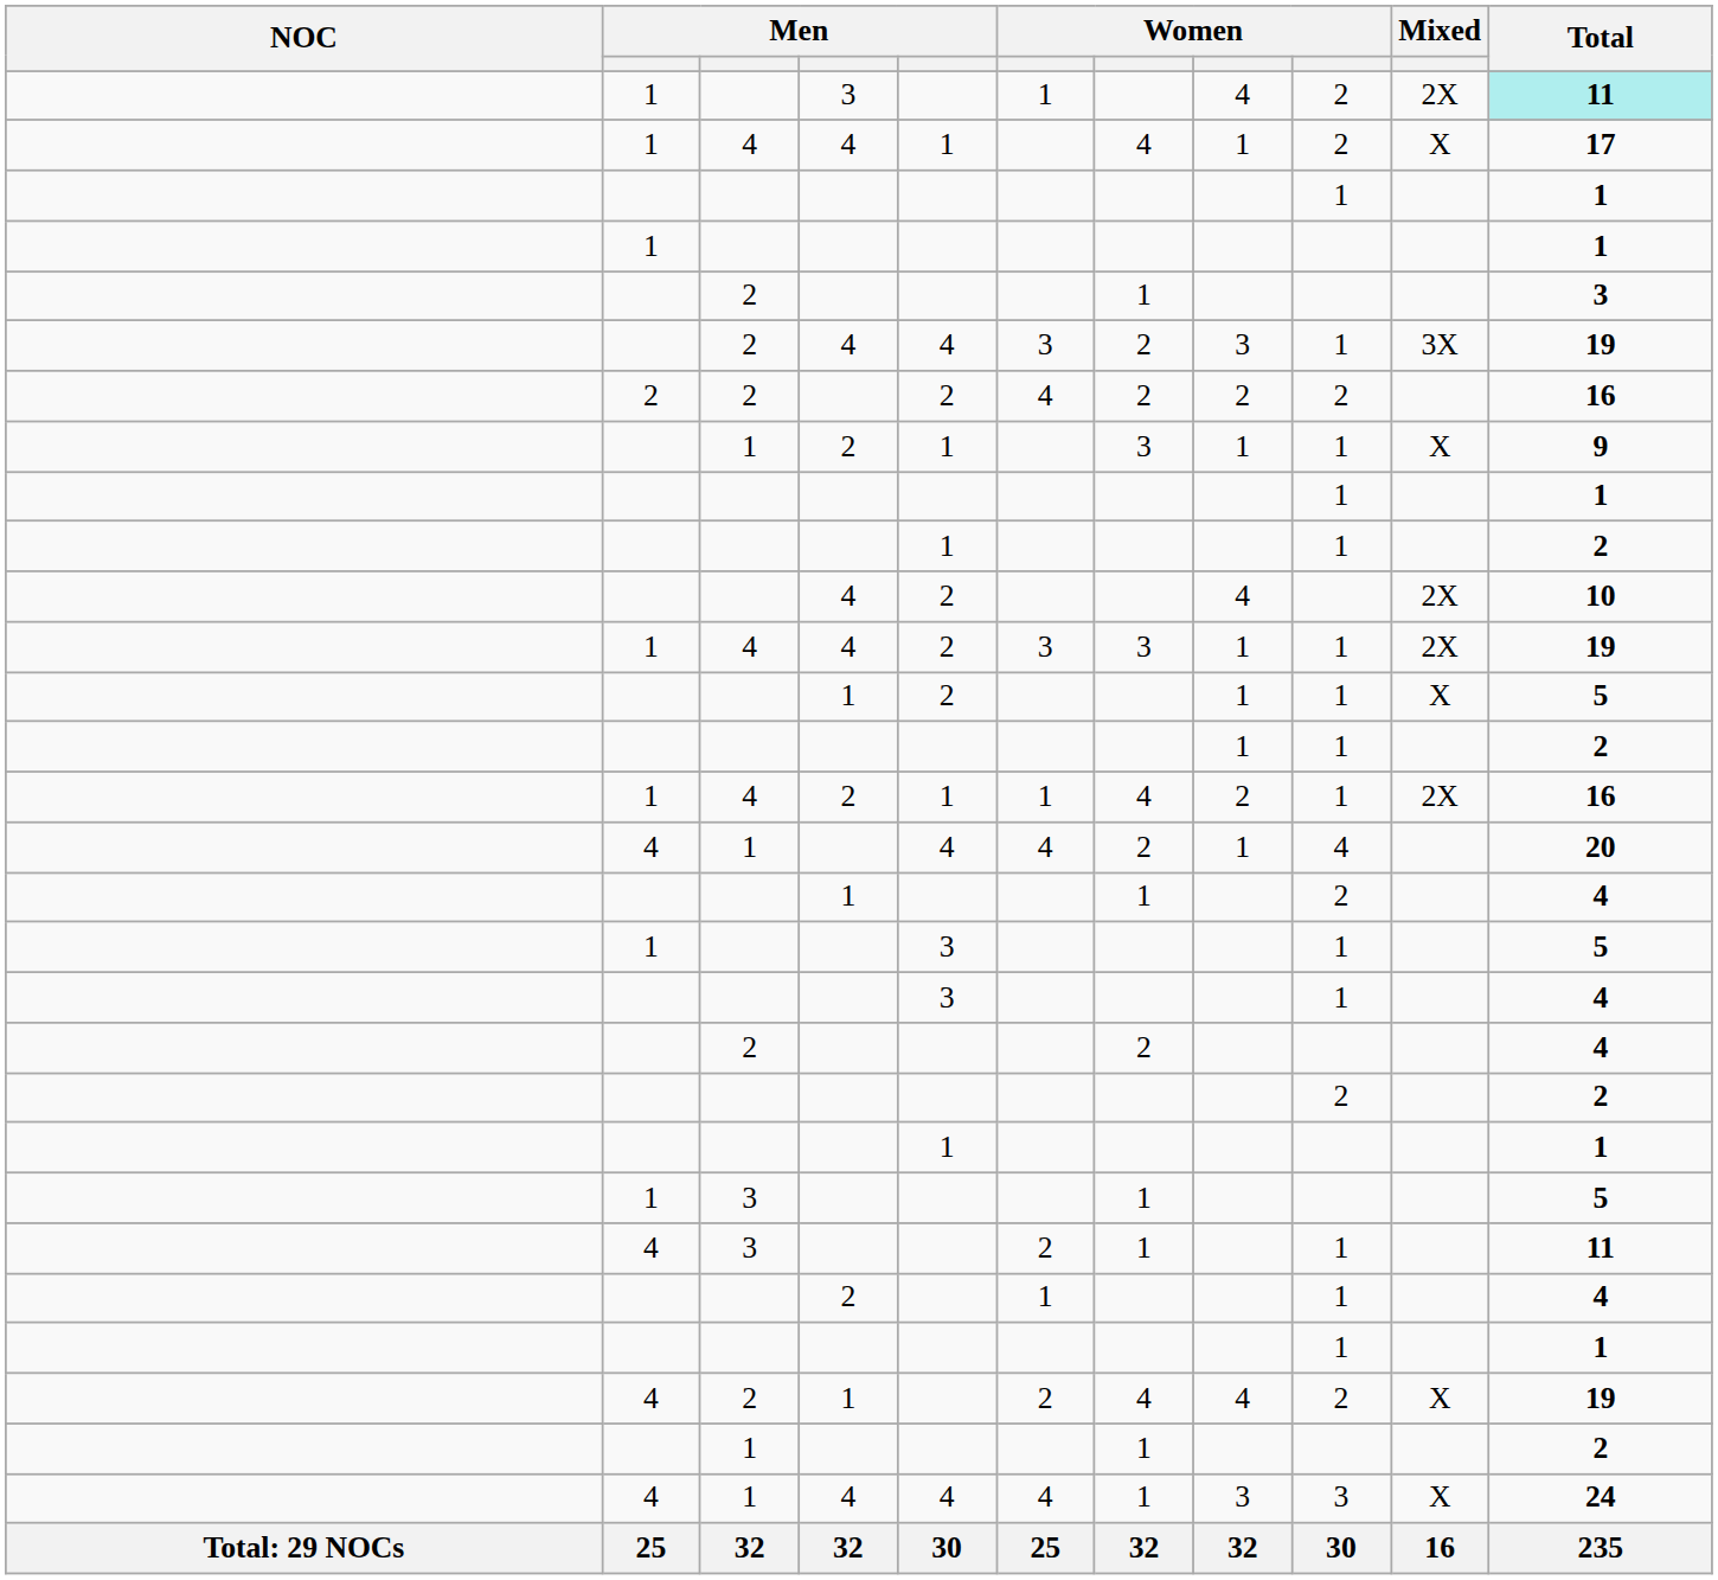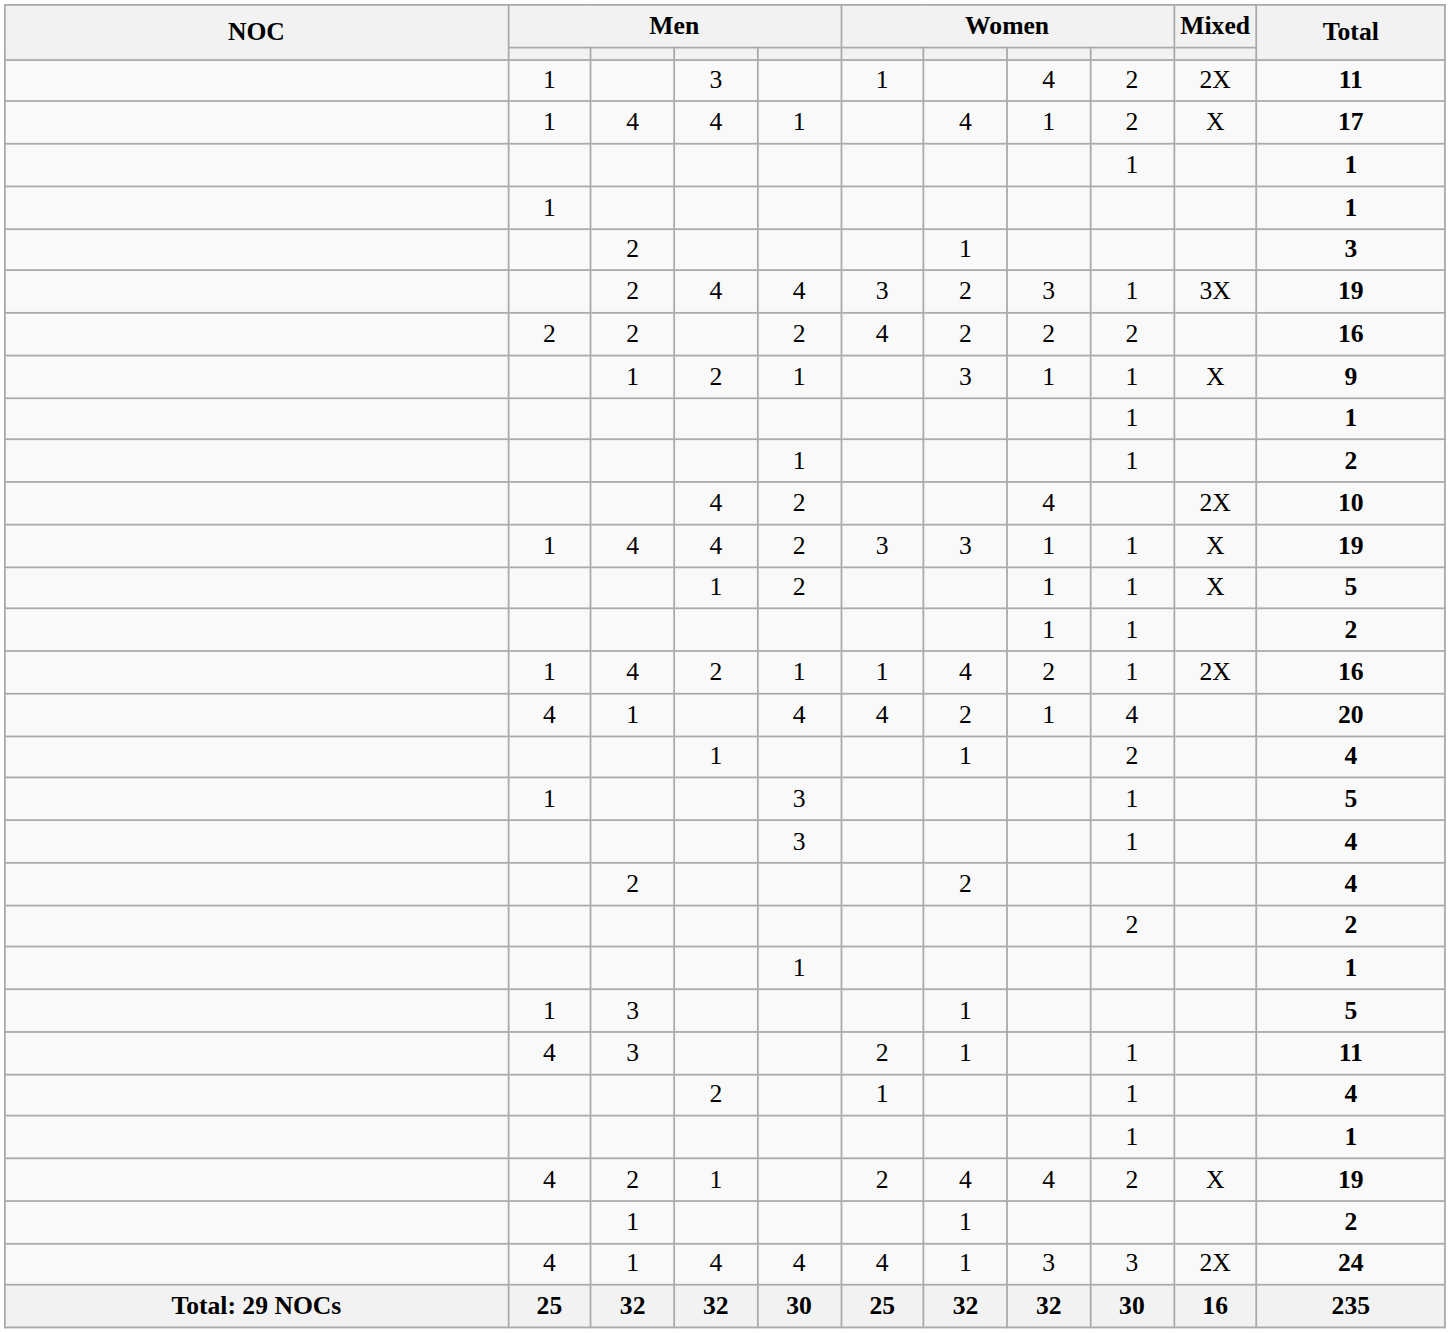 <table class="wikitable sortable" width=810 style="text-align:center; font-size:90%">
 <tr>
 <th rowspan="2" align="center">NOC</th>
 <th colspan="4">Men</th>
 <th colspan="4">Women</th>
 <th>Mixed</th>
 <th rowspan="2">Total</th>
 </tr>
 <tr>
 <th width=40></th>
 <th width=40></th>
 <th width=40></th>
 <th width=40></th>
 <th width=40></th>
 <th width=40></th>
 <th width=40></th>
 <th width=40></th>
 <th width=40></th>
 </tr>
 <tr>
 <td align="left"></td>
 <td>1</td>
 <td></td>
 <td>3</td>
 <td></td>
 <td>1</td>
 <td></td>
 <td>4</td>
 <td>2</td>
 <td>2X</td>
-<td style="background: paleturquoise;"><strong>11</strong></td>
+<td><strong>11</strong></td>
 </tr>
 <tr>
 <td align="left"></td>
 <td>1</td>
 <td>4</td>
 <td>4</td>
 <td>1</td>
 <td></td>
 <td>4</td>
 <td>1</td>
 <td>2</td>
 <td>X</td>
 <td><strong>17</strong></td>
 </tr>
 <tr>
 <td align="left"></td>
 <td></td>
 <td></td>
 <td></td>
 <td></td>
 <td></td>
 <td></td>
 <td></td>
 <td>1</td>
 <td></td>
 <td><strong>1</strong></td>
 </tr>
 <tr>
 <td align="left"></td>
 <td>1</td>
 <td></td>
 <td></td>
 <td></td>
 <td></td>
 <td></td>
 <td></td>
 <td></td>
 <td></td>
 <td><strong>1</strong></td>
 </tr>
 <tr>
 <td align="left"></td>
 <td></td>
 <td>2</td>
 <td></td>
 <td></td>
 <td></td>
 <td>1</td>
 <td></td>
 <td></td>
 <td></td>
 <td><strong>3</strong></td>
 </tr>
 <tr>
 <td align="left"></td>
 <td></td>
 <td>2</td>
 <td>4</td>
 <td>4</td>
 <td>3</td>
 <td>2</td>
 <td>3</td>
 <td>1</td>
 <td>3X</td>
 <td><strong>19</strong></td>
 </tr>
 <tr>
 <td align="left"></td>
 <td>2</td>
 <td>2</td>
 <td></td>
 <td>2</td>
 <td>4</td>
 <td>2</td>
 <td>2</td>
 <td>2</td>
 <td></td>
 <td><strong>16</strong></td>
 </tr>
 <tr>
 <td align="left"></td>
 <td></td>
 <td>1</td>
 <td>2</td>
 <td>1</td>
 <td></td>
 <td>3</td>
 <td>1</td>
 <td>1</td>
 <td>X</td>
 <td><strong>9</strong></td>
 </tr>
 <tr>
 <td align="left"></td>
 <td></td>
 <td></td>
 <td></td>
 <td></td>
 <td></td>
 <td></td>
 <td></td>
 <td>1</td>
 <td></td>
 <td><strong>1</strong></td>
 </tr>
 <tr>
 <td align="left"></td>
 <td></td>
 <td></td>
 <td></td>
 <td>1</td>
 <td></td>
 <td></td>
 <td></td>
 <td>1</td>
 <td></td>
 <td><strong>2</strong></td>
 </tr>
 <tr>
 <td align="left"></td>
 <td></td>
 <td></td>
 <td>4</td>
 <td>2</td>
 <td></td>
 <td></td>
 <td>4</td>
 <td></td>
 <td>2X</td>
 <td><strong>10</strong></td>
 </tr>
 <tr>
 <td align="left"></td>
 <td>1</td>
 <td>4</td>
 <td>4</td>
 <td>2</td>
 <td>3</td>
 <td>3</td>
 <td>1</td>
 <td>1</td>
-<td>2X</td>
+<td>X</td>
 <td><strong>19</strong></td>
 </tr>
 <tr>
 <td align="left"></td>
 <td></td>
 <td></td>
 <td>1</td>
 <td>2</td>
 <td></td>
 <td></td>
 <td>1</td>
 <td>1</td>
 <td>X</td>
 <td><strong>5</strong></td>
 </tr>
 <tr>
 <td align="left"></td>
 <td></td>
 <td></td>
 <td></td>
 <td></td>
 <td></td>
 <td></td>
 <td>1</td>
 <td>1</td>
 <td></td>
 <td><strong>2</strong></td>
 </tr>
 <tr>
 <td align="left"></td>
 <td>1</td>
 <td>4</td>
 <td>2</td>
 <td>1</td>
 <td>1</td>
 <td>4</td>
 <td>2</td>
 <td>1</td>
 <td>2X</td>
 <td><strong>16</strong></td>
 </tr>
 <tr>
 <td align="left"></td>
 <td>4</td>
 <td>1</td>
 <td></td>
 <td>4</td>
 <td>4</td>
 <td>2</td>
 <td>1</td>
 <td>4</td>
 <td></td>
 <td><strong>20</strong></td>
 </tr>
 <tr>
 <td align="left"></td>
 <td></td>
 <td></td>
 <td>1</td>
 <td></td>
 <td></td>
 <td>1</td>
 <td></td>
 <td>2</td>
 <td></td>
 <td><strong>4</strong></td>
 </tr>
 <tr>
 <td align="left"></td>
 <td>1</td>
 <td></td>
 <td></td>
 <td>3</td>
 <td></td>
 <td></td>
 <td></td>
 <td>1</td>
 <td></td>
 <td><strong>5</strong></td>
 </tr>
 <tr>
 <td align="left"></td>
 <td></td>
 <td></td>
 <td></td>
 <td>3</td>
 <td></td>
 <td></td>
 <td></td>
 <td>1</td>
 <td></td>
 <td><strong>4</strong></td>
 </tr>
 <tr>
 <td align="left"></td>
 <td></td>
 <td>2</td>
 <td></td>
 <td></td>
 <td></td>
 <td>2</td>
 <td></td>
 <td></td>
 <td></td>
 <td><strong>4</strong></td>
 </tr>
 <tr>
 <td align="left"></td>
 <td></td>
 <td></td>
 <td></td>
 <td></td>
 <td></td>
 <td></td>
 <td></td>
 <td>2</td>
 <td></td>
 <td><strong>2</strong></td>
 </tr>
 <tr>
 <td align="left"></td>
 <td></td>
 <td></td>
 <td></td>
 <td>1</td>
 <td></td>
 <td></td>
 <td></td>
 <td></td>
 <td></td>
 <td><strong>1</strong></td>
 </tr>
 <tr>
 <td align="left"></td>
 <td>1</td>
 <td>3</td>
 <td></td>
 <td></td>
 <td></td>
 <td>1</td>
 <td></td>
 <td></td>
 <td></td>
 <td><strong>5</strong></td>
 </tr>
 <tr>
 <td align="left"></td>
 <td>4</td>
 <td>3</td>
 <td></td>
 <td></td>
 <td>2</td>
 <td>1</td>
 <td></td>
 <td>1</td>
 <td></td>
 <td><strong>11</strong></td>
 </tr>
 <tr>
 <td align="left"></td>
 <td></td>
 <td></td>
 <td>2</td>
 <td></td>
 <td>1</td>
 <td></td>
 <td></td>
 <td>1</td>
 <td></td>
 <td><strong>4</strong></td>
 </tr>
 <tr>
 <td align="left"></td>
 <td></td>
 <td></td>
 <td></td>
 <td></td>
 <td></td>
 <td></td>
 <td></td>
 <td>1</td>
 <td></td>
 <td><strong>1</strong></td>
 </tr>
 <tr>
 <td align="left"></td>
 <td>4</td>
 <td>2</td>
 <td>1</td>
 <td></td>
 <td>2</td>
 <td>4</td>
 <td>4</td>
 <td>2</td>
 <td>X</td>
 <td><strong>19</strong></td>
 </tr>
 <tr>
 <td align="left"></td>
 <td></td>
 <td>1</td>
 <td></td>
 <td></td>
 <td></td>
 <td>1</td>
 <td></td>
 <td></td>
 <td></td>
 <td><strong>2</strong></td>
 </tr>
 <tr>
 <td align="left"></td>
 <td>4</td>
 <td>1</td>
 <td>4</td>
 <td>4</td>
 <td>4</td>
 <td>1</td>
 <td>3</td>
 <td>3</td>
-<td>X</td>
+<td>2X</td>
 <td><strong>24</strong></td>
 </tr>
 <tr>
 <th>Total: 29 NOCs</th>
 <th>25</th>
 <th>32</th>
 <th>32</th>
 <th>30</th>
 <th>25</th>
 <th>32</th>
 <th>32</th>
 <th>30</th>
 <th>16</th>
 <th>235</th>
 </tr>
 </table>
